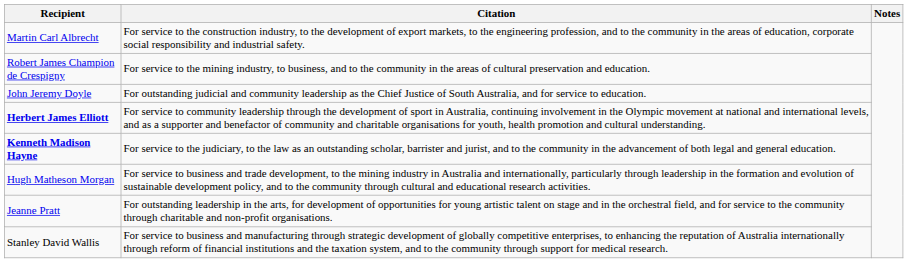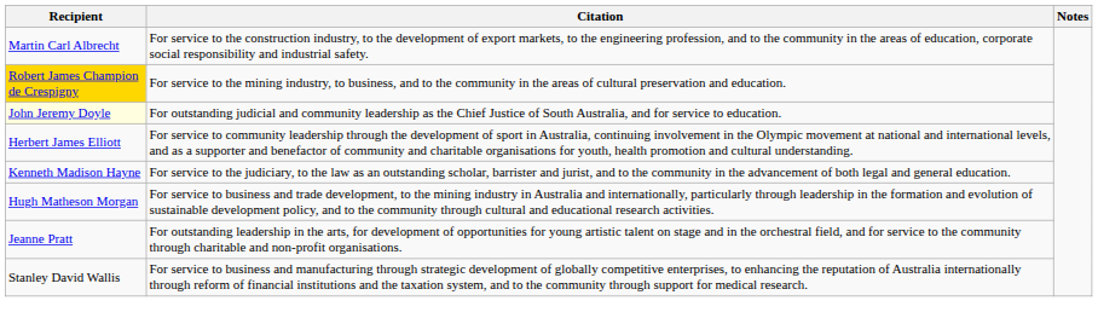 <table class="wikitable" style="font-size:95%;">
 <tr>
 <th>Recipient</th>
 <th>Citation</th>
 <th>Notes</th>
 </tr>
 <tr>
 <td><a href='#'>Martin Carl Albrecht</a></td>
 <td>For service to the construction industry, to the development of export markets, to the engineering profession, and to the community in the areas of education, corporate social responsibility and industrial safety.</td>
 <td rowspan=8></td>
 </tr>
 <tr>
-<td><a href='#'>Robert James Champion de Crespigny</a></td>
+<td style="background: gold;"><a href='#'>Robert James Champion de Crespigny</a></td>
 <td>For service to the mining industry, to business, and to the community in the areas of cultural preservation and education.</td>
 </tr>
 <tr>
-<td> <a href='#'>John Jeremy Doyle</a></td>
+<td style="background: lightyellow;"> <a href='#'>John Jeremy Doyle</a></td>
 <td>For outstanding judicial and community leadership as the Chief Justice of South Australia, and for service to education.</td>
 </tr>
 <tr>
-<td><strong><a href='#'>Herbert James Elliott</a></strong></td>
+<td><a href='#'>Herbert James Elliott</a></td>
 <td>For service to community leadership through the development of sport in Australia, continuing involvement in the Olympic movement at national and international levels, and as a supporter and benefactor of community and charitable organisations for youth, health promotion and cultural understanding.</td>
 </tr>
 <tr>
-<td><strong> <a href='#'>Kenneth Madison Hayne</a></strong></td>
+<td> <a href='#'>Kenneth Madison Hayne</a></td>
 <td>For service to the judiciary, to the law as an outstanding scholar, barrister and jurist, and to the community in the advancement of both legal and general education.</td>
 </tr>
 <tr>
 <td><a href='#'>Hugh Matheson Morgan</a></td>
 <td>For service to business and trade development, to the mining industry in Australia and internationally, particularly through leadership in the formation and evolution of sustainable development policy, and to the community through cultural and educational research activities.</td>
 </tr>
 <tr>
 <td><a href='#'>Jeanne Pratt</a></td>
 <td>For outstanding leadership in the arts, for development of opportunities for young artistic talent on stage and in the orchestral field, and for service to the community through charitable and non-profit organisations.</td>
 </tr>
 <tr>
 <td>Stanley David Wallis</td>
 <td>For service to business and manufacturing through strategic development of globally competitive enterprises, to enhancing the reputation of Australia internationally through reform of financial institutions and the taxation system, and to the community through support for medical research.</td>
 </tr>
 </table>
